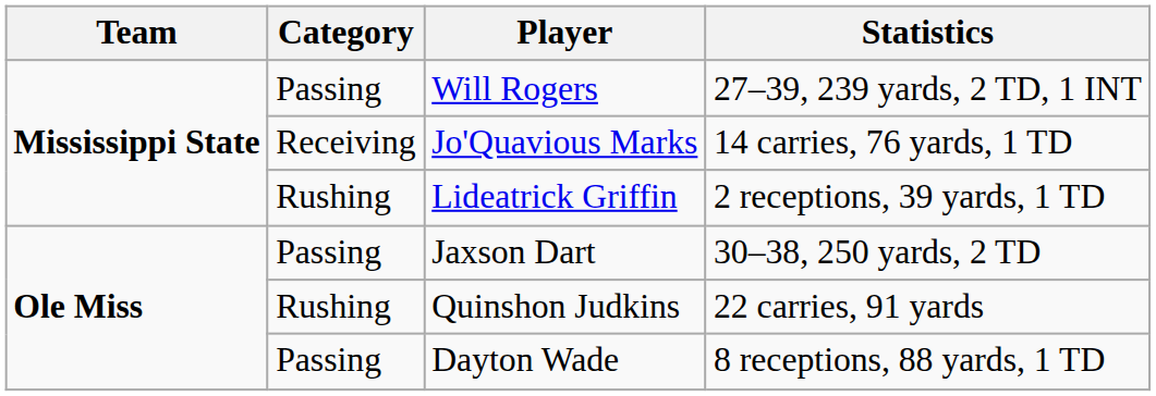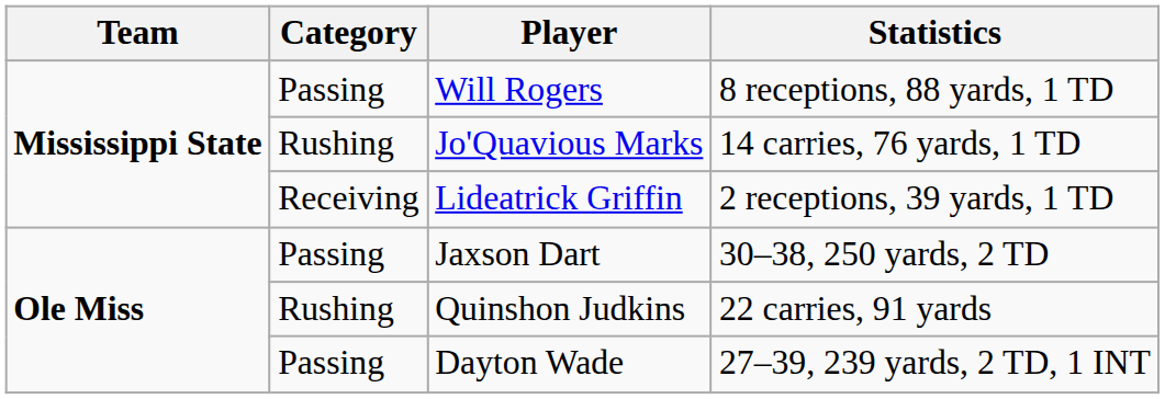 <table class="wikitable" style="float: right;">
 <tr>
 <th>Team</th>
 <th>Category</th>
 <th>Player</th>
 <th>Statistics</th>
 </tr>
 <tr>
 <td rowspan=3><strong>Mississippi State</strong></td>
 <td>Passing</td>
 <td><a href='#'>Will Rogers</a></td>
-<td>27–39, 239 yards, 2 TD, 1 INT</td>
+<td>8 receptions, 88 yards, 1 TD</td>
 </tr>
 <tr>
-<td>Receiving</td>
+<td>Rushing</td>
 <td><a href='#'>Jo'Quavious Marks</a></td>
 <td>14 carries, 76 yards, 1 TD</td>
 </tr>
 <tr>
-<td>Rushing</td>
+<td>Receiving</td>
 <td><a href='#'>Lideatrick Griffin</a></td>
 <td>2 receptions, 39 yards, 1 TD</td>
 </tr>
 <tr>
 <td rowspan=3><strong>Ole Miss</strong></td>
 <td>Passing</td>
 <td>Jaxson Dart</td>
 <td>30–38, 250 yards, 2 TD</td>
 </tr>
 <tr>
 <td>Rushing</td>
 <td>Quinshon Judkins</td>
 <td>22 carries, 91 yards</td>
 </tr>
 <tr>
 <td>Passing</td>
 <td>Dayton Wade</td>
-<td>8 receptions, 88 yards, 1 TD</td>
+<td>27–39, 239 yards, 2 TD, 1 INT</td>
 </tr>
 </table>
